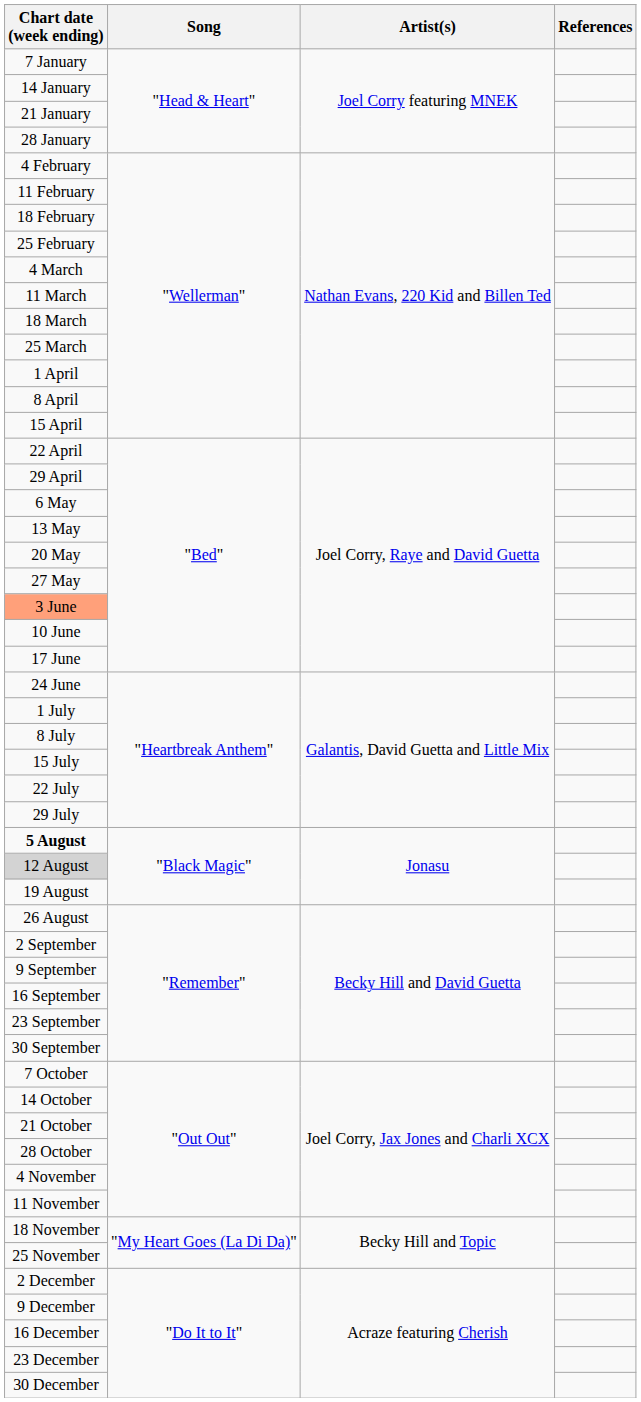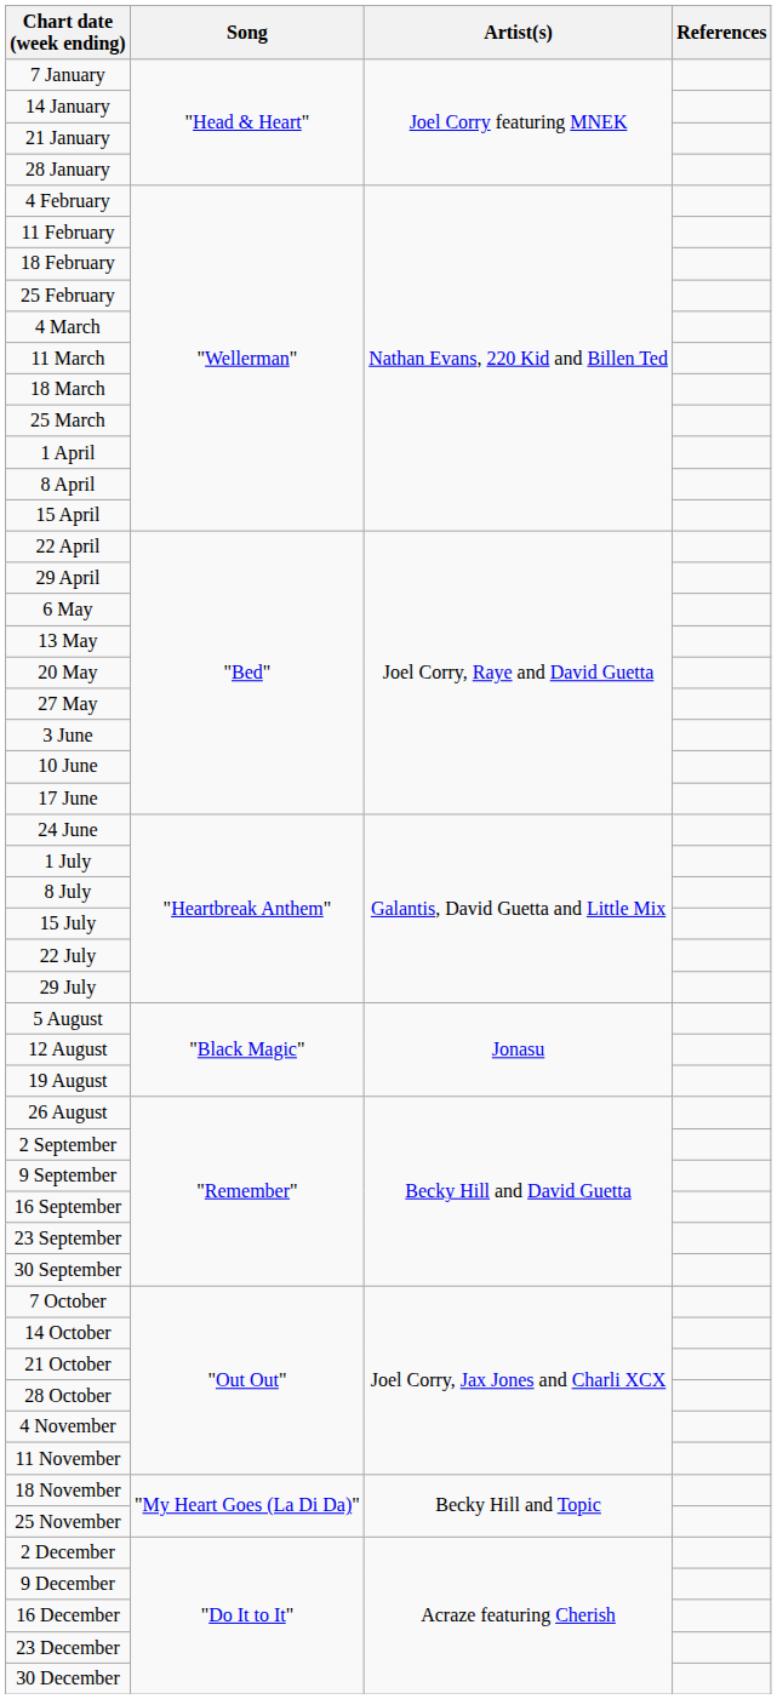 <table class="wikitable" style="font-size:97%; text-align:center;">
 <tr>
 <th>Chart date<br>(week ending)</th>
 <th>Song</th>
 <th>Artist(s)</th>
 <th>References</th>
 </tr>
 <tr>
 <td>7 January</td>
 <td rowspan="4">"<a href='#'>Head & Heart</a>"</td>
 <td rowspan="4"><a href='#'>Joel Corry</a> featuring <a href='#'>MNEK</a></td>
 <td></td>
 </tr>
 <tr>
 <td>14 January</td>
 <td></td>
 </tr>
 <tr>
 <td>21 January</td>
 <td></td>
 </tr>
 <tr>
 <td>28 January</td>
 <td></td>
 </tr>
 <tr>
 <td>4 February</td>
 <td rowspan="11">"<a href='#'>Wellerman</a>"</td>
 <td rowspan="11"><a href='#'>Nathan Evans</a>, <a href='#'>220 Kid</a> and <a href='#'>Billen Ted</a></td>
 <td></td>
 </tr>
 <tr>
 <td>11 February</td>
 <td></td>
 </tr>
 <tr>
 <td>18 February</td>
 <td></td>
 </tr>
 <tr>
 <td>25 February</td>
 <td></td>
 </tr>
 <tr>
 <td>4 March</td>
 <td></td>
 </tr>
 <tr>
 <td>11 March</td>
 <td></td>
 </tr>
 <tr>
 <td>18 March</td>
 <td></td>
 </tr>
 <tr>
 <td>25 March </td>
 <td></td>
 </tr>
 <tr>
 <td>1 April </td>
 <td></td>
 </tr>
 <tr>
 <td>8 April</td>
 <td></td>
 </tr>
 <tr>
 <td>15 April</td>
 <td></td>
 </tr>
 <tr>
 <td>22 April</td>
 <td rowspan=9>"<a href='#'>Bed</a>"</td>
 <td rowspan=9>Joel Corry, <a href='#'>Raye</a> and <a href='#'>David Guetta</a></td>
 <td></td>
 </tr>
 <tr>
 <td>29 April</td>
 <td></td>
 </tr>
 <tr>
 <td>6 May</td>
 <td></td>
 </tr>
 <tr>
 <td>13 May</td>
 <td></td>
 </tr>
 <tr>
 <td>20 May</td>
 <td></td>
 </tr>
 <tr>
 <td>27 May</td>
 <td></td>
 </tr>
 <tr>
-<td style="background: lightsalmon;">3 June</td>
+<td>3 June</td>
 <td></td>
 </tr>
 <tr>
 <td>10 June</td>
 <td></td>
 </tr>
 <tr>
 <td>17 June</td>
 <td></td>
 </tr>
 <tr>
 <td>24 June</td>
 <td rowspan=6>"<a href='#'>Heartbreak Anthem</a>"</td>
 <td rowspan=6><a href='#'>Galantis</a>, David Guetta and <a href='#'>Little Mix</a></td>
 <td></td>
 </tr>
 <tr>
 <td>1 July</td>
 <td></td>
 </tr>
 <tr>
 <td>8 July</td>
 <td></td>
 </tr>
 <tr>
 <td>15 July</td>
 <td></td>
 </tr>
 <tr>
 <td>22 July</td>
 <td></td>
 </tr>
 <tr>
 <td>29 July</td>
 <td></td>
 </tr>
 <tr>
-<td><strong>5 August</strong></td>
+<td>5 August</td>
 <td rowspan="3">"<a href='#'>Black Magic</a>"</td>
 <td rowspan="3"><a href='#'>Jonasu</a></td>
 <td></td>
 </tr>
 <tr>
-<td style="background: lightgrey;">12 August</td>
+<td>12 August</td>
 <td></td>
 </tr>
 <tr>
 <td>19 August</td>
 <td></td>
 </tr>
 <tr>
 <td>26 August</td>
 <td rowspan=6>"<a href='#'>Remember</a>"</td>
 <td rowspan=6><a href='#'>Becky Hill</a> and <a href='#'>David Guetta</a></td>
 <td></td>
 </tr>
 <tr>
 <td>2 September</td>
 <td></td>
 </tr>
 <tr>
 <td>9 September</td>
 <td></td>
 </tr>
 <tr>
 <td>16 September</td>
 <td></td>
 </tr>
 <tr>
 <td>23 September</td>
 <td></td>
 </tr>
 <tr>
 <td>30 September</td>
 <td></td>
 </tr>
 <tr>
 <td>7 October</td>
 <td rowspan=6>"<a href='#'>Out Out</a>"</td>
 <td rowspan=6>Joel Corry, <a href='#'>Jax Jones</a> and <a href='#'>Charli XCX</a></td>
 <td></td>
 </tr>
 <tr>
 <td>14 October</td>
 <td></td>
 </tr>
 <tr>
 <td>21 October</td>
 <td></td>
 </tr>
 <tr>
 <td>28 October</td>
 <td></td>
 </tr>
 <tr>
 <td>4 November</td>
 <td></td>
 </tr>
 <tr>
 <td>11 November</td>
 <td></td>
 </tr>
 <tr>
 <td>18 November</td>
 <td rowspan=2>"<a href='#'>My Heart Goes (La Di Da)</a>"</td>
 <td rowspan=2>Becky Hill and <a href='#'>Topic</a></td>
 <td></td>
 </tr>
 <tr>
 <td>25 November</td>
 <td></td>
 </tr>
 <tr>
 <td>2 December</td>
 <td rowspan=5>"<a href='#'>Do It to It</a>"</td>
 <td rowspan=5>Acraze featuring <a href='#'>Cherish</a></td>
 <td></td>
 </tr>
 <tr>
 <td>9 December</td>
 <td></td>
 </tr>
 <tr>
 <td>16 December</td>
 <td></td>
 </tr>
 <tr>
 <td>23 December</td>
 <td></td>
 </tr>
 <tr>
 <td>30 December</td>
 <td></td>
 </tr>
 </table>
